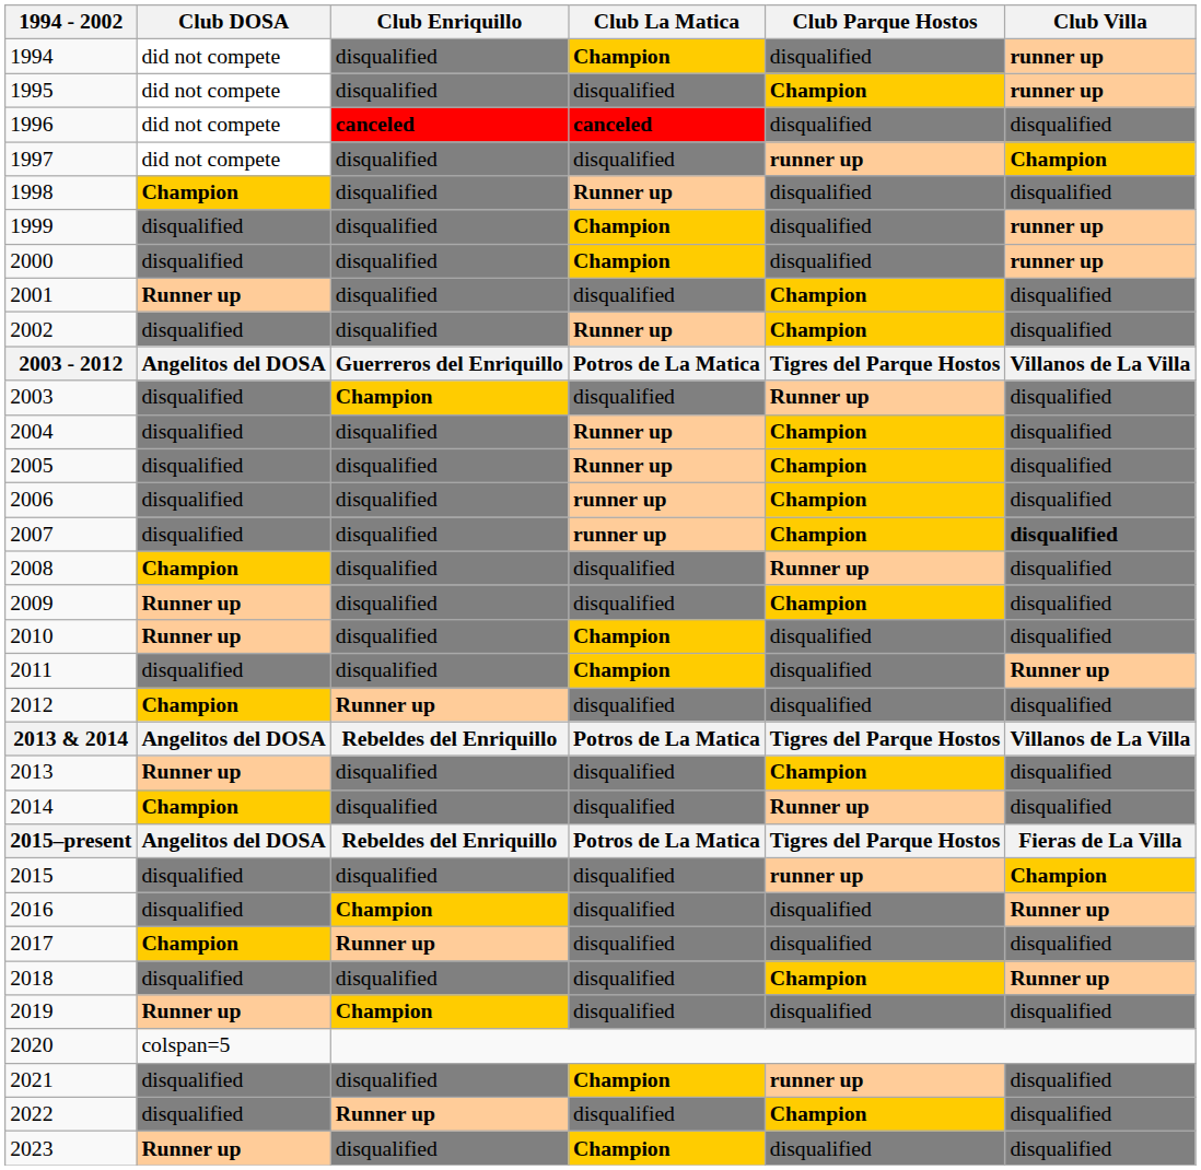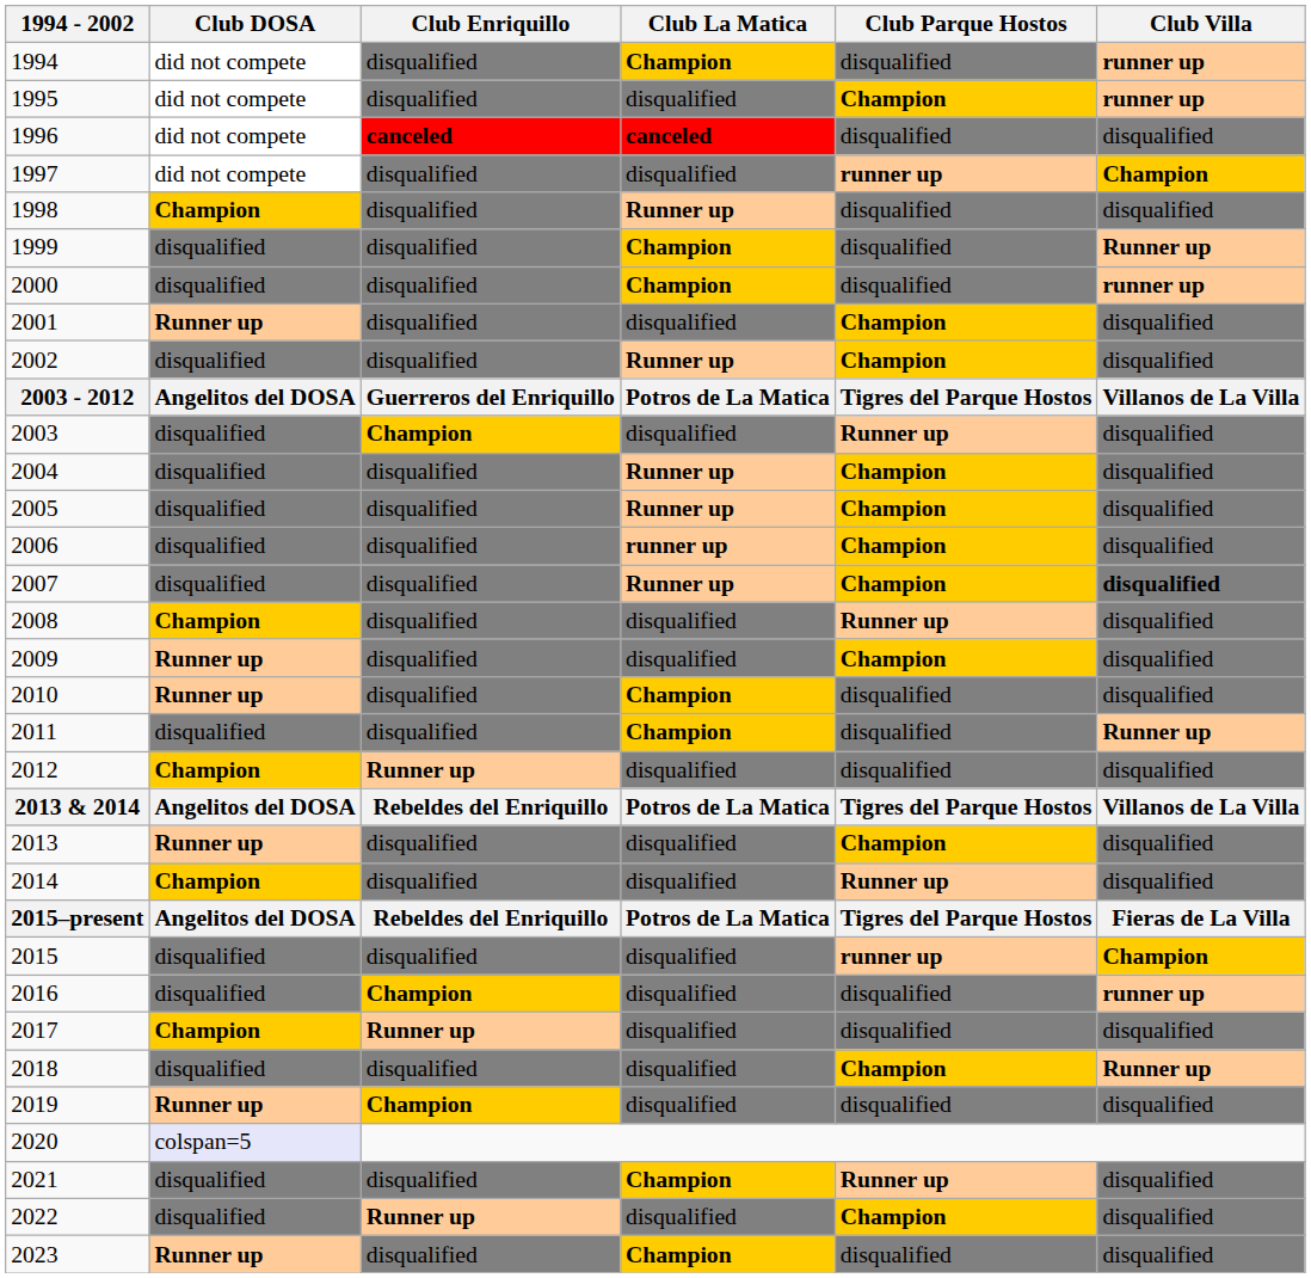 <table class="wikitable">
 <tr>
 <th>1994 - 2002</th>
 <th>Club DOSA</th>
 <th>Club Enriquillo</th>
 <th>Club La Matica</th>
 <th>Club Parque Hostos</th>
 <th>Club Villa</th>
 </tr>
 <tr>
 <td>1994</td>
 <td bgcolor="FFFFFF">did not compete</td>
 <td bgcolor="gray">disqualified</td>
 <td bgcolor="#FFCC00"><strong>Champion</strong></td>
 <td bgcolor="gray">disqualified</td>
 <td bgcolor="#FFCC99"><strong>runner up</strong></td>
 </tr>
 <tr>
 <td>1995</td>
 <td bgcolor="FFFFFF">did not compete</td>
 <td bgcolor="gray">disqualified</td>
 <td bgcolor="gray">disqualified</td>
 <td bgcolor="#FFCC00"><strong>Champion</strong></td>
 <td bgcolor="#FFCC99"><strong>runner up</strong></td>
 </tr>
 <tr>
 <td>1996</td>
 <td bgcolor="FFFFFF">did not compete</td>
 <td bgcolor="FF0000"><strong>canceled</strong></td>
 <td bgcolor="FF0000"><strong>canceled</strong></td>
 <td bgcolor="gray">disqualified</td>
 <td bgcolor="gray">disqualified</td>
 </tr>
 <tr>
 <td>1997</td>
 <td bgcolor="FFFFFF">did not compete</td>
 <td bgcolor="gray">disqualified</td>
 <td bgcolor="gray">disqualified</td>
 <td bgcolor="#FFCC99"><strong>runner up</strong></td>
 <td bgcolor="#FFCC00"><strong>Champion</strong></td>
 </tr>
 <tr>
 <td>1998</td>
 <td bgcolor="#FFCC00"><strong>Champion</strong></td>
 <td bgcolor="gray">disqualified</td>
 <td bgcolor="#FFCC99"><strong>Runner up</strong></td>
 <td bgcolor="gray">disqualified</td>
 <td bgcolor="gray">disqualified</td>
 </tr>
 <tr>
 <td>1999</td>
 <td bgcolor="gray">disqualified</td>
 <td bgcolor="gray">disqualified</td>
 <td bgcolor="#FFCC00"><strong>Champion</strong></td>
 <td bgcolor="gray">disqualified</td>
-<td bgcolor="#FFCC99"><strong>runner up</strong></td>
+<td bgcolor="#FFCC99"><strong>Runner up</strong></td>
 </tr>
 <tr>
 <td>2000</td>
 <td bgcolor="gray">disqualified</td>
 <td bgcolor="gray">disqualified</td>
 <td bgcolor="#FFCC00"><strong>Champion</strong></td>
 <td bgcolor="gray">disqualified</td>
 <td bgcolor="#FFCC99"><strong>runner up</strong></td>
 </tr>
 <tr>
 <td>2001</td>
 <td bgcolor="#FFCC99"><strong>Runner up</strong></td>
 <td bgcolor="gray">disqualified</td>
 <td bgcolor="gray">disqualified</td>
 <td bgcolor="#FFCC00"><strong>Champion</strong></td>
 <td bgcolor="gray">disqualified</td>
 </tr>
 <tr>
 <td>2002</td>
 <td bgcolor="gray">disqualified</td>
 <td bgcolor="gray">disqualified</td>
 <td bgcolor="#FFCC99"><strong>Runner up</strong></td>
 <td bgcolor="#FFCC00"><strong>Champion</strong></td>
 <td bgcolor="gray">disqualified</td>
 </tr>
 <tr>
 <th>2003 - 2012</th>
 <th>Angelitos del DOSA</th>
 <th>Guerreros del Enriquillo</th>
 <th>Potros de La Matica</th>
 <th>Tigres del Parque Hostos</th>
 <th>Villanos de La Villa</th>
 </tr>
 <tr>
 <td>2003</td>
 <td bgcolor="gray">disqualified</td>
 <td bgcolor="#FFCC00"><strong>Champion</strong></td>
 <td bgcolor="gray">disqualified</td>
 <td bgcolor="#FFCC99"><strong>Runner up</strong></td>
 <td bgcolor="gray">disqualified</td>
 </tr>
 <tr>
 <td>2004</td>
 <td bgcolor="gray">disqualified</td>
 <td bgcolor="gray">disqualified</td>
 <td bgcolor="#FFCC99"><strong>Runner up</strong></td>
 <td bgcolor="#FFCC00"><strong>Champion</strong></td>
 <td bgcolor="gray">disqualified</td>
 </tr>
 <tr>
 <td>2005</td>
 <td bgcolor="gray">disqualified</td>
 <td bgcolor="gray">disqualified</td>
 <td bgcolor="#FFCC99"><strong>Runner up</strong></td>
 <td bgcolor="#FFCC00"><strong>Champion</strong></td>
 <td bgcolor="gray">disqualified</td>
 </tr>
 <tr>
 <td>2006</td>
 <td bgcolor="gray">disqualified</td>
 <td bgcolor="gray">disqualified</td>
 <td bgcolor="#FFCC99"><strong>runner up</strong></td>
 <td bgcolor="#FFCC00"><strong>Champion</strong></td>
 <td bgcolor="gray">disqualified</td>
 </tr>
 <tr>
 <td>2007</td>
 <td bgcolor="gray">disqualified</td>
 <td bgcolor="gray">disqualified</td>
-<td bgcolor="#FFCC99"><strong>runner up</strong></td>
+<td bgcolor="#FFCC99"><strong>Runner up</strong></td>
 <td bgcolor="#FFCC00"><strong>Champion</strong></td>
 <td bgcolor="gray"><strong>disqualified</strong></td>
 </tr>
 <tr>
 <td>2008</td>
 <td bgcolor="#FFCC00"><strong>Champion</strong></td>
 <td bgcolor="gray">disqualified</td>
 <td bgcolor="gray">disqualified</td>
 <td bgcolor="#FFCC99"><strong>Runner up</strong></td>
 <td bgcolor="gray">disqualified</td>
 </tr>
 <tr>
 <td>2009</td>
 <td bgcolor="#FFCC99"><strong>Runner up</strong></td>
 <td bgcolor="gray">disqualified</td>
 <td bgcolor="gray">disqualified</td>
 <td bgcolor="#FFCC00"><strong>Champion</strong></td>
 <td bgcolor="gray">disqualified</td>
 </tr>
 <tr>
 <td>2010</td>
 <td bgcolor="#FFCC99"><strong>Runner up</strong></td>
 <td bgcolor="gray">disqualified</td>
 <td bgcolor="#FFCC00"><strong>Champion</strong></td>
 <td bgcolor="gray">disqualified</td>
 <td bgcolor="gray">disqualified</td>
 </tr>
 <tr>
 <td>2011</td>
 <td bgcolor="gray">disqualified</td>
 <td bgcolor="gray">disqualified</td>
 <td bgcolor="#FFCC00"><strong>Champion</strong></td>
 <td bgcolor="gray">disqualified</td>
 <td bgcolor="#FFCC99"><strong>Runner up</strong></td>
 </tr>
 <tr>
 <td>2012</td>
 <td bgcolor="#FFCC00"><strong>Champion</strong></td>
 <td bgcolor="#FFCC99"><strong>Runner up</strong></td>
 <td bgcolor="gray">disqualified</td>
 <td bgcolor="gray">disqualified</td>
 <td bgcolor="gray">disqualified</td>
 </tr>
 <tr>
 <th>2013 & 2014</th>
 <th>Angelitos del DOSA</th>
 <th>Rebeldes del Enriquillo</th>
 <th>Potros de La Matica</th>
 <th>Tigres del Parque Hostos</th>
 <th>Villanos de La Villa</th>
 </tr>
 <tr>
 <td>2013</td>
 <td bgcolor="#FFCC99"><strong>Runner up</strong></td>
 <td bgcolor="gray">disqualified</td>
 <td bgcolor="gray">disqualified</td>
 <td bgcolor="#FFCC00"><strong>Champion</strong></td>
 <td bgcolor="gray">disqualified</td>
 </tr>
 <tr>
 <td>2014</td>
 <td bgcolor="#FFCC00"><strong>Champion</strong></td>
 <td bgcolor="gray">disqualified</td>
 <td bgcolor="gray">disqualified</td>
 <td bgcolor="#FFCC99"><strong>Runner up</strong></td>
 <td bgcolor="gray">disqualified</td>
 </tr>
 <tr>
 <th>2015–present</th>
 <th>Angelitos del DOSA</th>
 <th>Rebeldes del Enriquillo</th>
 <th>Potros de La Matica</th>
 <th>Tigres del Parque Hostos</th>
 <th>Fieras de La Villa</th>
 </tr>
 <tr>
 <td>2015</td>
 <td bgcolor="gray">disqualified</td>
 <td bgcolor="gray">disqualified</td>
 <td bgcolor="gray">disqualified</td>
 <td bgcolor="#FFCC99"><strong>runner up</strong></td>
 <td bgcolor="#FFCC00"><strong>Champion</strong></td>
 </tr>
 <tr>
 <td>2016</td>
 <td bgcolor="gray">disqualified</td>
 <td bgcolor="#FFCC00"><strong>Champion</strong></td>
 <td bgcolor="gray">disqualified</td>
 <td bgcolor="gray">disqualified</td>
-<td bgcolor="#FFCC99"><strong>Runner up</strong></td>
+<td bgcolor="#FFCC99"><strong>runner up</strong></td>
 </tr>
 <tr>
 <td>2017</td>
 <td bgcolor="#FFCC00"><strong>Champion</strong></td>
 <td bgcolor="#FFCC99"><strong>Runner up</strong></td>
 <td bgcolor="gray">disqualified</td>
 <td bgcolor="gray">disqualified</td>
 <td bgcolor="gray">disqualified</td>
 </tr>
 <tr>
 <td>2018</td>
 <td bgcolor="gray">disqualified</td>
 <td bgcolor="gray">disqualified</td>
 <td bgcolor="gray">disqualified</td>
 <td bgcolor="#FFCC00"><strong>Champion</strong></td>
 <td bgcolor="#FFCC99"><strong>Runner up</strong></td>
 </tr>
 <tr>
 <td>2019</td>
 <td bgcolor="#FFCC99"><strong>Runner up</strong></td>
 <td bgcolor="#FFCC00"><strong>Champion</strong></td>
 <td bgcolor="gray">disqualified</td>
 <td bgcolor="gray">disqualified</td>
 <td bgcolor="gray">disqualified</td>
 </tr>
 <tr>
 <td>2020</td>
-<td>colspan=5 </td>
+<td style="background: lavender;">colspan=5 </td>
 </tr>
 <tr>
 <td>2021</td>
 <td bgcolor="gray">disqualified</td>
 <td bgcolor="gray">disqualified</td>
 <td bgcolor="#FFCC00"><strong>Champion</strong></td>
-<td bgcolor="#FFCC99"><strong>runner up</strong></td>
+<td bgcolor="#FFCC99"><strong>Runner up</strong></td>
 <td bgcolor="gray">disqualified</td>
 </tr>
 <tr>
 <td>2022</td>
 <td bgcolor="gray">disqualified</td>
 <td bgcolor="#FFCC99"><strong>Runner up</strong></td>
 <td bgcolor="gray">disqualified</td>
 <td bgcolor="#FFCC00"><strong>Champion</strong></td>
 <td bgcolor="gray">disqualified</td>
 </tr>
 <tr>
 <td>2023</td>
 <td bgcolor="#FFCC99"><strong>Runner up</strong></td>
 <td bgcolor="gray">disqualified</td>
 <td bgcolor="#FFCC00"><strong>Champion</strong></td>
 <td bgcolor="gray">disqualified</td>
 <td bgcolor="gray">disqualified</td>
 </tr>
 </table>
